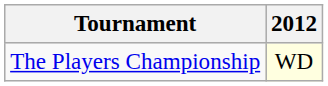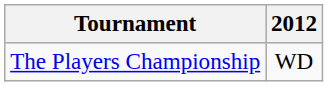 <table class="wikitable" style="font-size:95%;text-align:center;">
 <tr>
 <th>Tournament</th>
 <th>2012</th>
 </tr>
 <tr>
 <td align=left><a href='#'>The Players Championship</a></td>
-<td style="background: lightyellow;">WD</td>
+<td>WD</td>
 </tr>
 </table>
